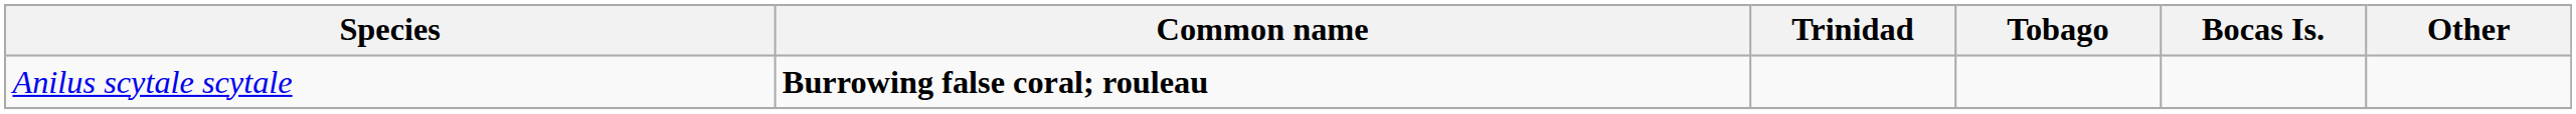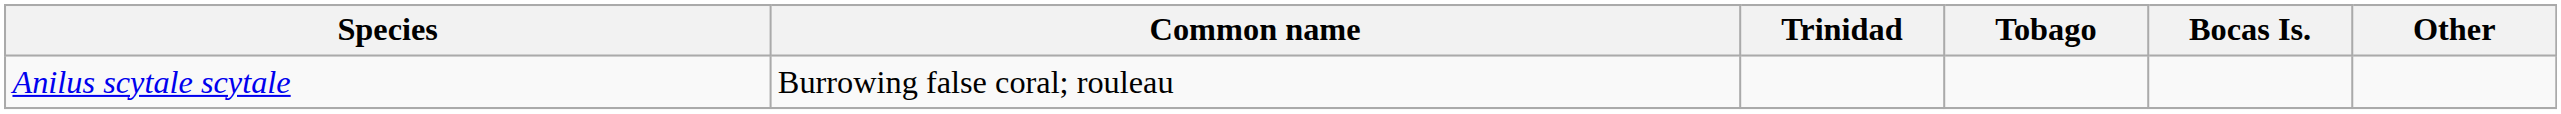 <table width=100% class="wikitable">
 <tr>
 <th scope="col" width=30%>Species</th>
 <th scope="col" width=38%>Common name</th>
 <th scope="col" width=8%>Trinidad</th>
 <th scope="col" width=8%>Tobago</th>
 <th scope="col" width=8%>Bocas Is.</th>
 <th scope="col" width=8%>Other</th>
 </tr>
 <tr>
 <td><em><a href='#'>Anilus scytale scytale</a></em></td>
-<td><strong>Burrowing false coral; rouleau</strong></td>
+<td>Burrowing false coral; rouleau</td>
 <td></td>
 <td></td>
 <td></td>
 <td></td>
 </tr>
 <tr>
 </tr>
 </table>
